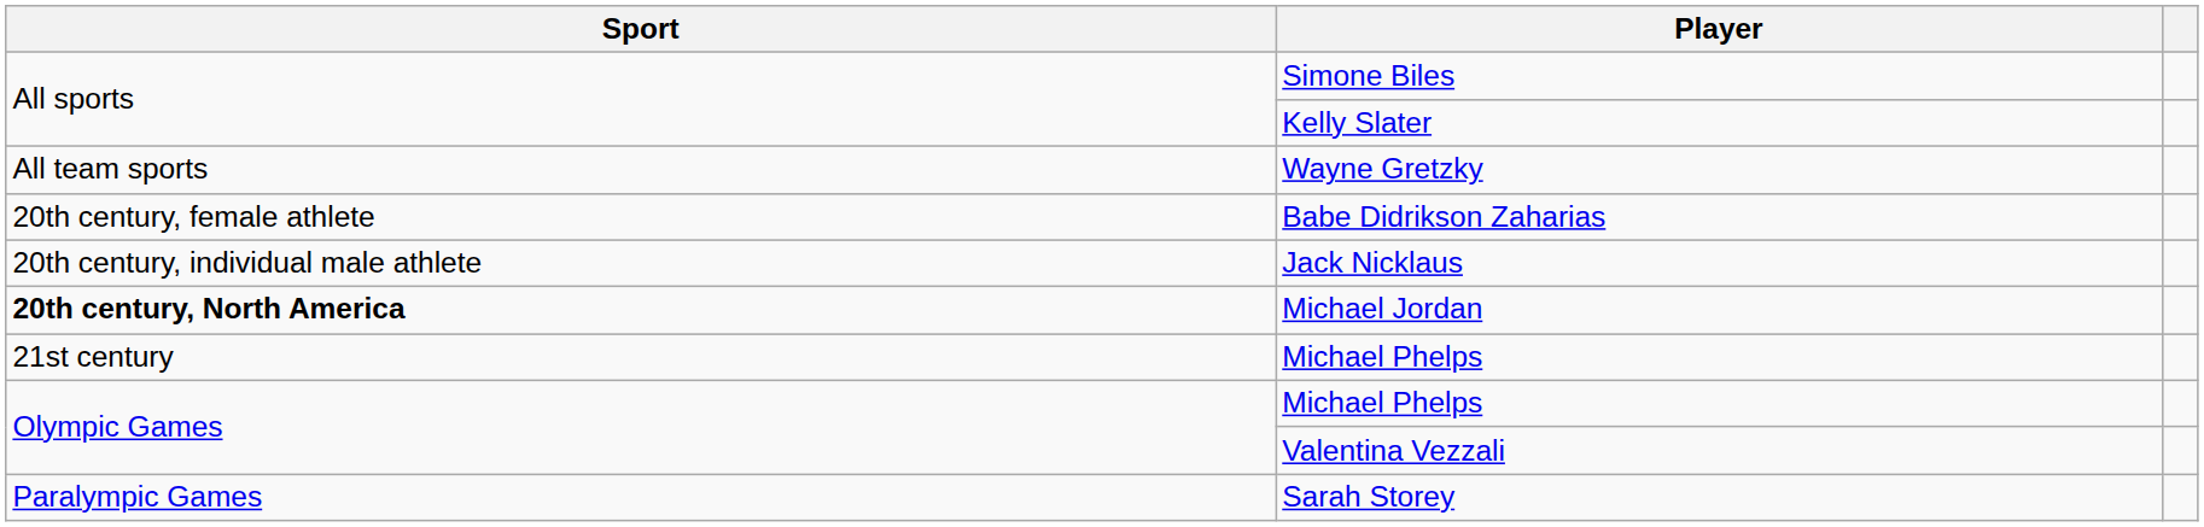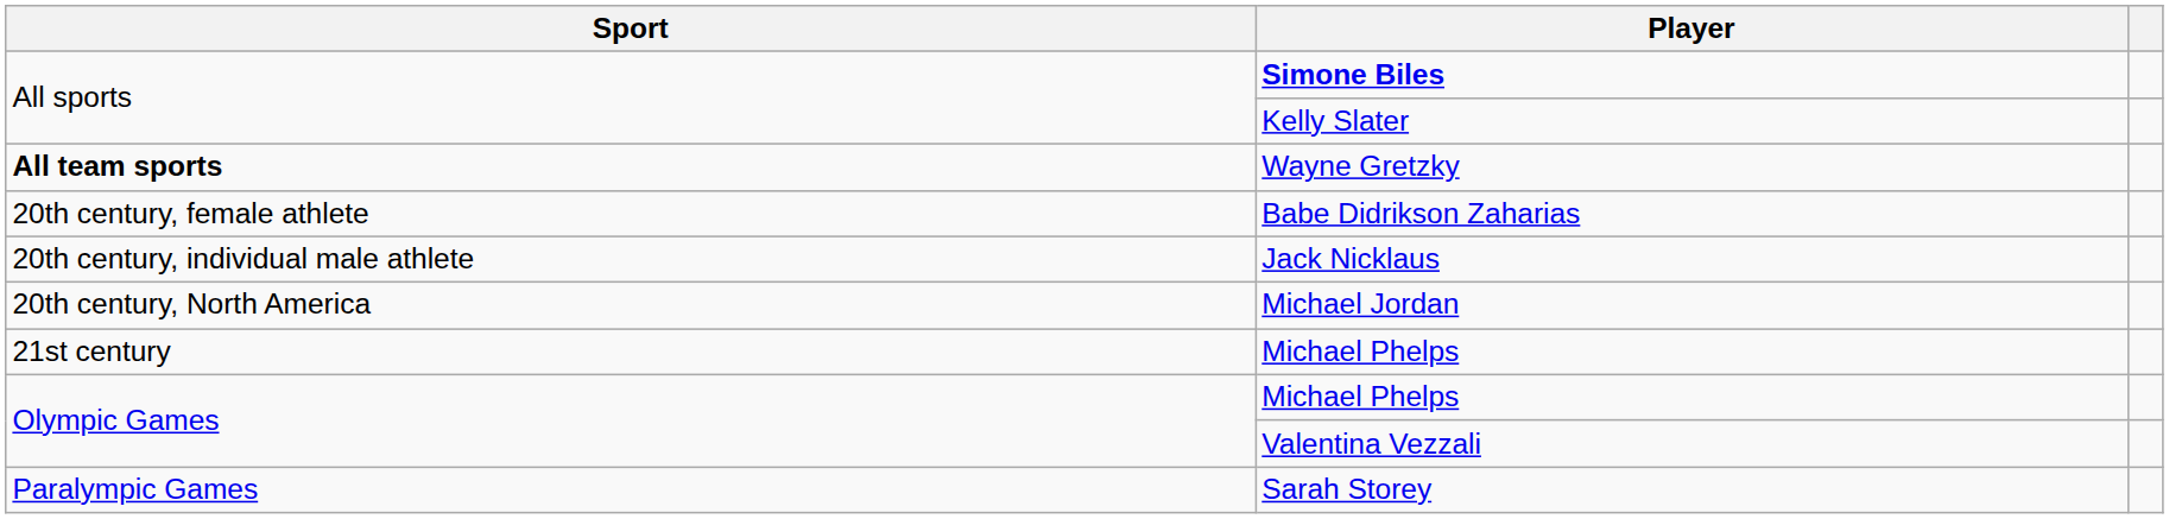 <table class="wikitable mw-uncollapsed" style="width:75%;">
 <tr>
 <th>Sport</th>
 <th>Player</th>
 <th></th>
 </tr>
 <tr>
 <td rowspan="2">All sports</td>
-<td><a href='#'>Simone Biles</a></td>
+<td><strong><a href='#'>Simone Biles</a></strong></td>
 <td></td>
 </tr>
 <tr>
 <td><a href='#'>Kelly Slater</a></td>
 <td></td>
 </tr>
 <tr>
-<td>All team sports</td>
+<td><strong>All team sports</strong></td>
 <td><a href='#'>Wayne Gretzky</a></td>
 <td></td>
 </tr>
 <tr>
 <td>20th century, female athlete</td>
 <td><a href='#'>Babe Didrikson Zaharias</a></td>
 <td></td>
 </tr>
 <tr>
 <td>20th century, individual male athlete</td>
 <td><a href='#'>Jack Nicklaus</a></td>
 <td></td>
 </tr>
 <tr>
-<td><strong>20th century, North America</strong></td>
+<td>20th century, North America</td>
 <td><a href='#'>Michael Jordan</a></td>
 <td></td>
 </tr>
 <tr>
 <td>21st century</td>
 <td><a href='#'>Michael Phelps</a></td>
 <td></td>
 </tr>
 <tr>
 <td rowspan="2"><a href='#'>Olympic Games</a></td>
 <td><a href='#'>Michael Phelps</a></td>
 <td></td>
 </tr>
 <tr>
 <td><a href='#'>Valentina Vezzali</a></td>
 <td></td>
 </tr>
 <tr>
 <td><a href='#'>Paralympic Games</a></td>
 <td><a href='#'>Sarah Storey</a></td>
 <td></td>
 </tr>
 </table>
